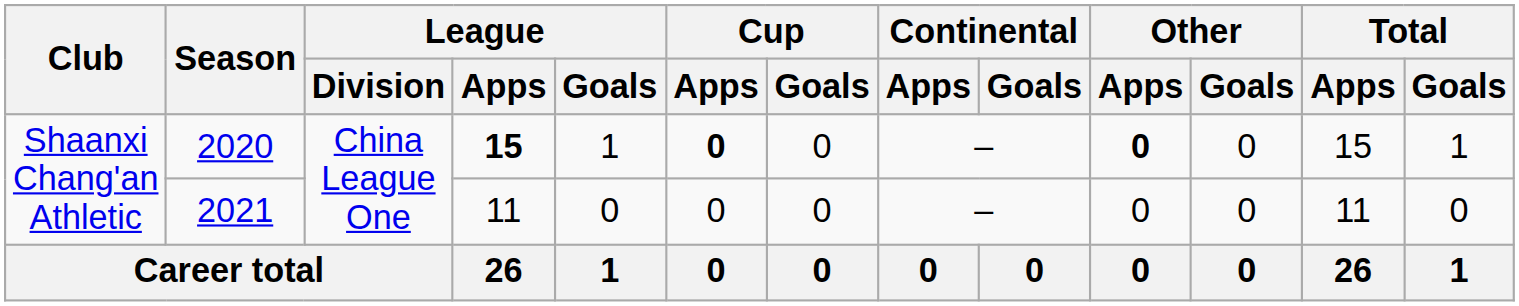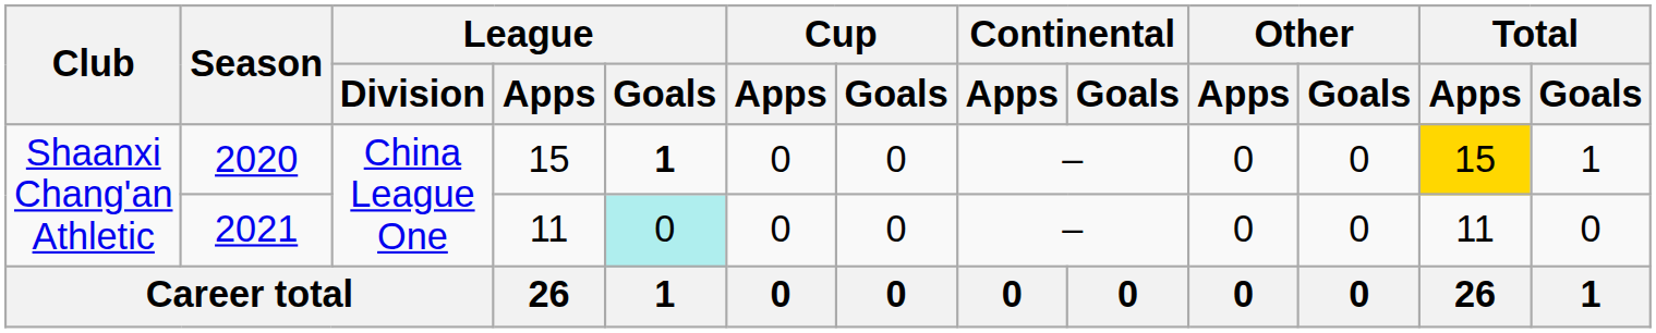 <table class="wikitable" style="text-align: center">
 <tr>
 <th rowspan="2">Club</th>
 <th rowspan="2">Season</th>
 <th colspan="3">League</th>
 <th colspan="2">Cup</th>
 <th colspan="2">Continental</th>
 <th colspan="2">Other</th>
 <th colspan="2">Total</th>
 </tr>
 <tr>
 <th>Division</th>
 <th>Apps</th>
 <th>Goals</th>
 <th>Apps</th>
 <th>Goals</th>
 <th>Apps</th>
 <th>Goals</th>
 <th>Apps</th>
 <th>Goals</th>
 <th>Apps</th>
 <th>Goals</th>
 </tr>
 <tr>
 <td rowspan="2"><a href='#'>Shaanxi Chang'an Athletic</a></td>
 <td><a href='#'>2020</a></td>
 <td rowspan="2"><a href='#'>China League One</a></td>
-<td><strong>15</strong></td>
-<td>1</td>
-<td><strong>0</strong></td>
+<td>15</td>
+<td><strong>1</strong></td>
+<td>0</td>
 <td>0</td>
 <td colspan="2">–</td>
-<td><strong>0</strong></td>
 <td>0</td>
-<td>15</td>
+<td>0</td>
+<td style="background: gold;">15</td>
 <td>1</td>
 </tr>
 <tr>
 <td><a href='#'>2021</a></td>
 <td>11</td>
-<td>0</td>
+<td style="background: paleturquoise;">0</td>
 <td>0</td>
 <td>0</td>
 <td colspan="2">–</td>
 <td>0</td>
 <td>0</td>
 <td>11</td>
 <td>0</td>
 </tr>
 <tr>
 <th colspan=3>Career total</th>
 <th>26</th>
 <th>1</th>
 <th>0</th>
 <th>0</th>
 <th>0</th>
 <th>0</th>
 <th>0</th>
 <th>0</th>
 <th>26</th>
 <th>1</th>
 </tr>
 </table>
